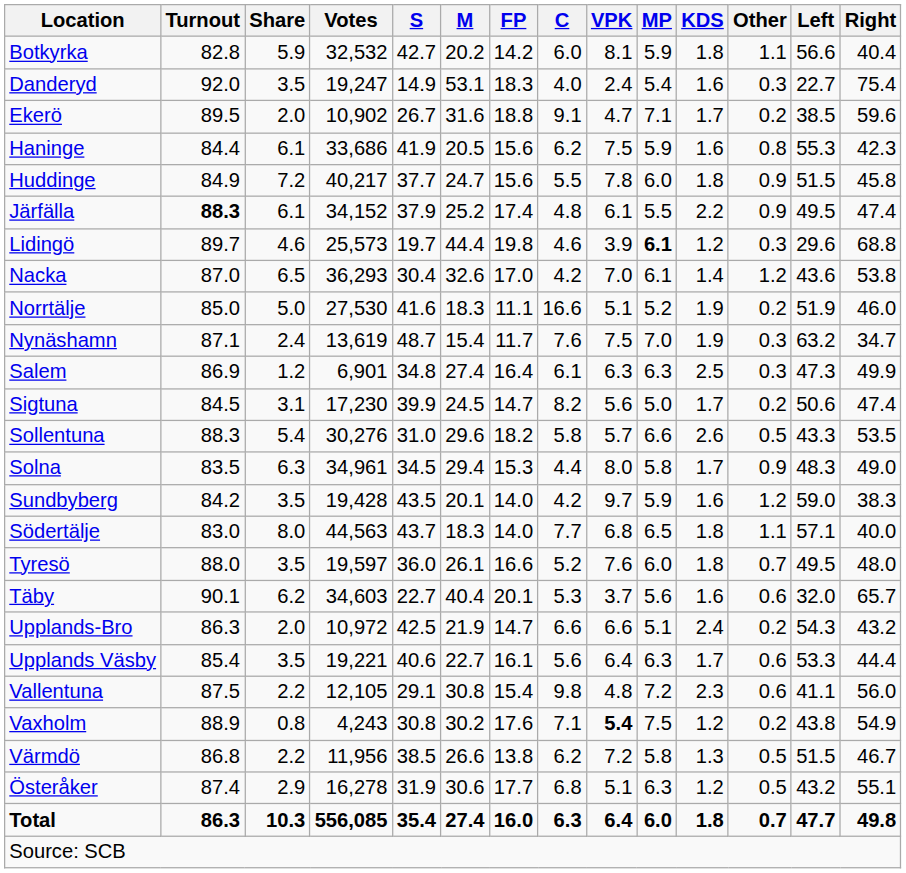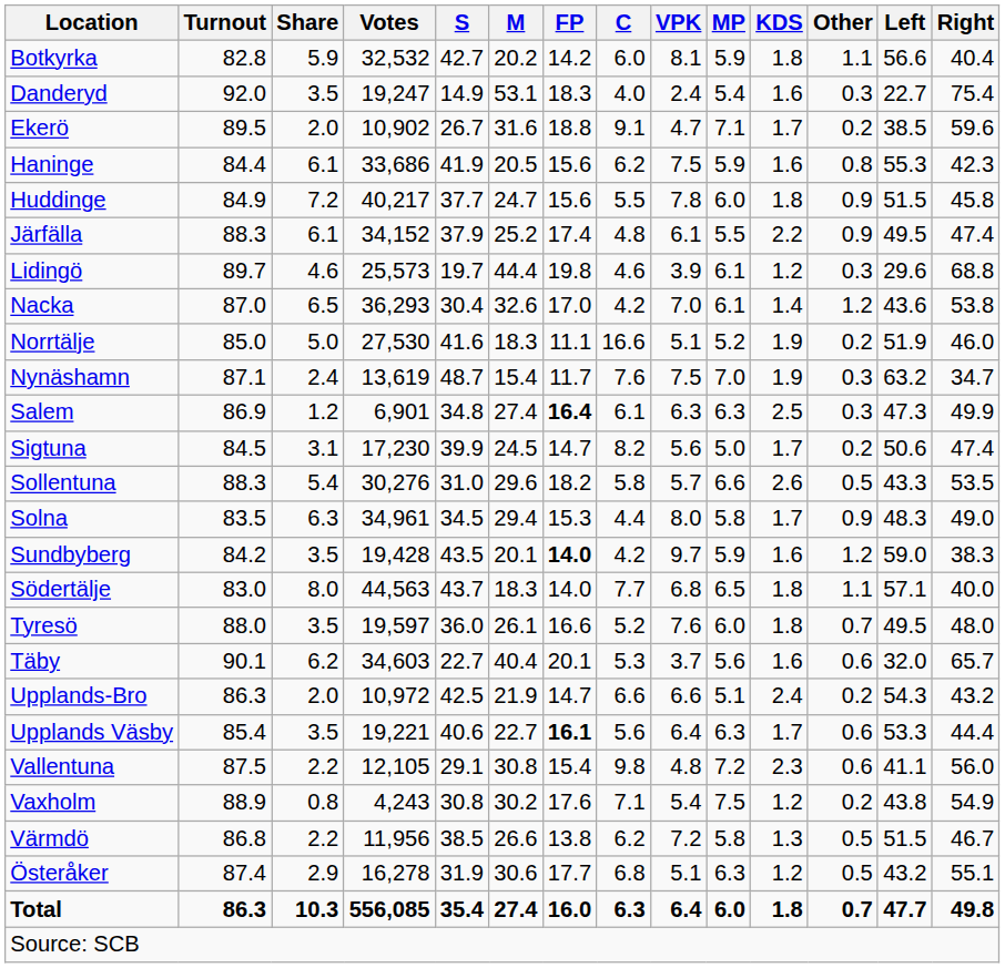 <table class="wikitable sortable" style=text-align:right>
 <tr>
 <th>Location</th>
 <th>Turnout</th>
 <th>Share</th>
 <th>Votes</th>
 <th><a href='#'>S</a></th>
 <th><a href='#'>M</a></th>
 <th><a href='#'>FP</a></th>
 <th><a href='#'>C</a></th>
 <th><a href='#'>VPK</a></th>
 <th><a href='#'>MP</a></th>
 <th><a href='#'>KDS</a></th>
 <th>Other</th>
 <th>Left</th>
 <th>Right</th>
 </tr>
 <tr>
 <td align=left><a href='#'>Botkyrka</a></td>
 <td>82.8</td>
 <td>5.9</td>
 <td>32,532</td>
 <td>42.7</td>
 <td>20.2</td>
 <td>14.2</td>
 <td>6.0</td>
 <td>8.1</td>
 <td>5.9</td>
 <td>1.8</td>
 <td>1.1</td>
 <td>56.6</td>
 <td>40.4</td>
 </tr>
 <tr>
 <td align=left><a href='#'>Danderyd</a></td>
 <td>92.0</td>
 <td>3.5</td>
 <td>19,247</td>
 <td>14.9</td>
 <td>53.1</td>
 <td>18.3</td>
 <td>4.0</td>
 <td>2.4</td>
 <td>5.4</td>
 <td>1.6</td>
 <td>0.3</td>
 <td>22.7</td>
 <td>75.4</td>
 </tr>
 <tr>
 <td align=left><a href='#'>Ekerö</a></td>
 <td>89.5</td>
 <td>2.0</td>
 <td>10,902</td>
 <td>26.7</td>
 <td>31.6</td>
 <td>18.8</td>
 <td>9.1</td>
 <td>4.7</td>
 <td>7.1</td>
 <td>1.7</td>
 <td>0.2</td>
 <td>38.5</td>
 <td>59.6</td>
 </tr>
 <tr>
 <td align=left><a href='#'>Haninge</a></td>
 <td>84.4</td>
 <td>6.1</td>
 <td>33,686</td>
 <td>41.9</td>
 <td>20.5</td>
 <td>15.6</td>
 <td>6.2</td>
 <td>7.5</td>
 <td>5.9</td>
 <td>1.6</td>
 <td>0.8</td>
 <td>55.3</td>
 <td>42.3</td>
 </tr>
 <tr>
 <td align=left><a href='#'>Huddinge</a></td>
 <td>84.9</td>
 <td>7.2</td>
 <td>40,217</td>
 <td>37.7</td>
 <td>24.7</td>
 <td>15.6</td>
 <td>5.5</td>
 <td>7.8</td>
 <td>6.0</td>
 <td>1.8</td>
 <td>0.9</td>
 <td>51.5</td>
 <td>45.8</td>
 </tr>
 <tr>
 <td align=left><a href='#'>Järfälla</a></td>
-<td><strong>88.3</strong></td>
+<td>88.3</td>
 <td>6.1</td>
 <td>34,152</td>
 <td>37.9</td>
 <td>25.2</td>
 <td>17.4</td>
 <td>4.8</td>
 <td>6.1</td>
 <td>5.5</td>
 <td>2.2</td>
 <td>0.9</td>
 <td>49.5</td>
 <td>47.4</td>
 </tr>
 <tr>
 <td align=left><a href='#'>Lidingö</a></td>
 <td>89.7</td>
 <td>4.6</td>
 <td>25,573</td>
 <td>19.7</td>
 <td>44.4</td>
 <td>19.8</td>
 <td>4.6</td>
 <td>3.9</td>
-<td><strong>6.1</strong></td>
+<td>6.1</td>
 <td>1.2</td>
 <td>0.3</td>
 <td>29.6</td>
 <td>68.8</td>
 </tr>
 <tr>
 <td align=left><a href='#'>Nacka</a></td>
 <td>87.0</td>
 <td>6.5</td>
 <td>36,293</td>
 <td>30.4</td>
 <td>32.6</td>
 <td>17.0</td>
 <td>4.2</td>
 <td>7.0</td>
 <td>6.1</td>
 <td>1.4</td>
 <td>1.2</td>
 <td>43.6</td>
 <td>53.8</td>
 </tr>
 <tr>
 <td align=left><a href='#'>Norrtälje</a></td>
 <td>85.0</td>
 <td>5.0</td>
 <td>27,530</td>
 <td>41.6</td>
 <td>18.3</td>
 <td>11.1</td>
 <td>16.6</td>
 <td>5.1</td>
 <td>5.2</td>
 <td>1.9</td>
 <td>0.2</td>
 <td>51.9</td>
 <td>46.0</td>
 </tr>
 <tr>
 <td align=left><a href='#'>Nynäshamn</a></td>
 <td>87.1</td>
 <td>2.4</td>
 <td>13,619</td>
 <td>48.7</td>
 <td>15.4</td>
 <td>11.7</td>
 <td>7.6</td>
 <td>7.5</td>
 <td>7.0</td>
 <td>1.9</td>
 <td>0.3</td>
 <td>63.2</td>
 <td>34.7</td>
 </tr>
 <tr>
 <td align=left><a href='#'>Salem</a></td>
 <td>86.9</td>
 <td>1.2</td>
 <td>6,901</td>
 <td>34.8</td>
 <td>27.4</td>
-<td>16.4</td>
+<td><strong>16.4</strong></td>
 <td>6.1</td>
 <td>6.3</td>
 <td>6.3</td>
 <td>2.5</td>
 <td>0.3</td>
 <td>47.3</td>
 <td>49.9</td>
 </tr>
 <tr>
 <td align=left><a href='#'>Sigtuna</a></td>
 <td>84.5</td>
 <td>3.1</td>
 <td>17,230</td>
 <td>39.9</td>
 <td>24.5</td>
 <td>14.7</td>
 <td>8.2</td>
 <td>5.6</td>
 <td>5.0</td>
 <td>1.7</td>
 <td>0.2</td>
 <td>50.6</td>
 <td>47.4</td>
 </tr>
 <tr>
 <td align=left><a href='#'>Sollentuna</a></td>
 <td>88.3</td>
 <td>5.4</td>
 <td>30,276</td>
 <td>31.0</td>
 <td>29.6</td>
 <td>18.2</td>
 <td>5.8</td>
 <td>5.7</td>
 <td>6.6</td>
 <td>2.6</td>
 <td>0.5</td>
 <td>43.3</td>
 <td>53.5</td>
 </tr>
 <tr>
 <td align=left><a href='#'>Solna</a></td>
 <td>83.5</td>
 <td>6.3</td>
 <td>34,961</td>
 <td>34.5</td>
 <td>29.4</td>
 <td>15.3</td>
 <td>4.4</td>
 <td>8.0</td>
 <td>5.8</td>
 <td>1.7</td>
 <td>0.9</td>
 <td>48.3</td>
 <td>49.0</td>
 </tr>
 <tr>
 <td align=left><a href='#'>Sundbyberg</a></td>
 <td>84.2</td>
 <td>3.5</td>
 <td>19,428</td>
 <td>43.5</td>
 <td>20.1</td>
-<td>14.0</td>
+<td><strong>14.0</strong></td>
 <td>4.2</td>
 <td>9.7</td>
 <td>5.9</td>
 <td>1.6</td>
 <td>1.2</td>
 <td>59.0</td>
 <td>38.3</td>
 </tr>
 <tr>
 <td align=left><a href='#'>Södertälje</a></td>
 <td>83.0</td>
 <td>8.0</td>
 <td>44,563</td>
 <td>43.7</td>
 <td>18.3</td>
 <td>14.0</td>
 <td>7.7</td>
 <td>6.8</td>
 <td>6.5</td>
 <td>1.8</td>
 <td>1.1</td>
 <td>57.1</td>
 <td>40.0</td>
 </tr>
 <tr>
 <td align=left><a href='#'>Tyresö</a></td>
 <td>88.0</td>
 <td>3.5</td>
 <td>19,597</td>
 <td>36.0</td>
 <td>26.1</td>
 <td>16.6</td>
 <td>5.2</td>
 <td>7.6</td>
 <td>6.0</td>
 <td>1.8</td>
 <td>0.7</td>
 <td>49.5</td>
 <td>48.0</td>
 </tr>
 <tr>
 <td align=left><a href='#'>Täby</a></td>
 <td>90.1</td>
 <td>6.2</td>
 <td>34,603</td>
 <td>22.7</td>
 <td>40.4</td>
 <td>20.1</td>
 <td>5.3</td>
 <td>3.7</td>
 <td>5.6</td>
 <td>1.6</td>
 <td>0.6</td>
 <td>32.0</td>
 <td>65.7</td>
 </tr>
 <tr>
 <td align=left><a href='#'>Upplands-Bro</a></td>
 <td>86.3</td>
 <td>2.0</td>
 <td>10,972</td>
 <td>42.5</td>
 <td>21.9</td>
 <td>14.7</td>
 <td>6.6</td>
 <td>6.6</td>
 <td>5.1</td>
 <td>2.4</td>
 <td>0.2</td>
 <td>54.3</td>
 <td>43.2</td>
 </tr>
 <tr>
 <td align=left><a href='#'>Upplands Väsby</a></td>
 <td>85.4</td>
 <td>3.5</td>
 <td>19,221</td>
 <td>40.6</td>
 <td>22.7</td>
-<td>16.1</td>
+<td><strong>16.1</strong></td>
 <td>5.6</td>
 <td>6.4</td>
 <td>6.3</td>
 <td>1.7</td>
 <td>0.6</td>
 <td>53.3</td>
 <td>44.4</td>
 </tr>
 <tr>
 <td align=left><a href='#'>Vallentuna</a></td>
 <td>87.5</td>
 <td>2.2</td>
 <td>12,105</td>
 <td>29.1</td>
 <td>30.8</td>
 <td>15.4</td>
 <td>9.8</td>
 <td>4.8</td>
 <td>7.2</td>
 <td>2.3</td>
 <td>0.6</td>
 <td>41.1</td>
 <td>56.0</td>
 </tr>
 <tr>
 <td align=left><a href='#'>Vaxholm</a></td>
 <td>88.9</td>
 <td>0.8</td>
 <td>4,243</td>
 <td>30.8</td>
 <td>30.2</td>
 <td>17.6</td>
 <td>7.1</td>
-<td><strong>5.4</strong></td>
+<td>5.4</td>
 <td>7.5</td>
 <td>1.2</td>
 <td>0.2</td>
 <td>43.8</td>
 <td>54.9</td>
 </tr>
 <tr>
 <td align=left><a href='#'>Värmdö</a></td>
 <td>86.8</td>
 <td>2.2</td>
 <td>11,956</td>
 <td>38.5</td>
 <td>26.6</td>
 <td>13.8</td>
 <td>6.2</td>
 <td>7.2</td>
 <td>5.8</td>
 <td>1.3</td>
 <td>0.5</td>
 <td>51.5</td>
 <td>46.7</td>
 </tr>
 <tr>
 <td align=left><a href='#'>Österåker</a></td>
 <td>87.4</td>
 <td>2.9</td>
 <td>16,278</td>
 <td>31.9</td>
 <td>30.6</td>
 <td>17.7</td>
 <td>6.8</td>
 <td>5.1</td>
 <td>6.3</td>
 <td>1.2</td>
 <td>0.5</td>
 <td>43.2</td>
 <td>55.1</td>
 </tr>
 <tr>
 <td align=left><strong>Total</strong></td>
 <td><strong>86.3</strong></td>
 <td><strong>10.3</strong></td>
 <td><strong>556,085</strong></td>
 <td><strong>35.4</strong></td>
 <td><strong>27.4</strong></td>
 <td><strong>16.0</strong></td>
 <td><strong>6.3</strong></td>
 <td><strong>6.4</strong></td>
 <td><strong>6.0</strong></td>
 <td><strong>1.8</strong></td>
 <td><strong>0.7</strong></td>
 <td><strong>47.7</strong></td>
 <td><strong>49.8</strong></td>
 </tr>
 <tr>
 <td align=left colspan=14>Source: SCB </td>
 </tr>
 </table>
